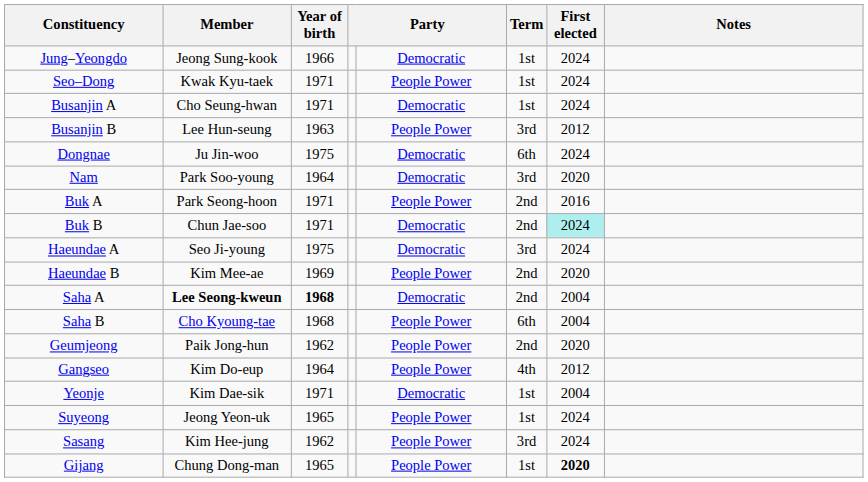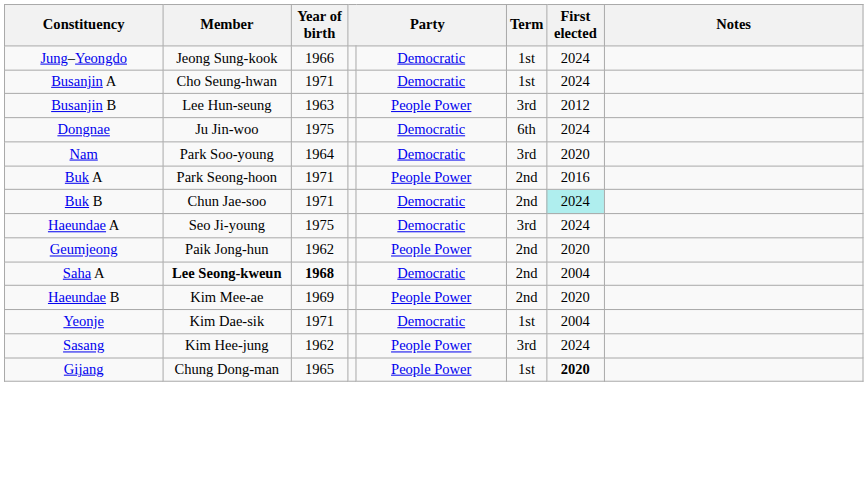 <table class="wikitable sortable" style="font-size:90%; text-align:center">
 <tr>
 <th scope="col" style="width:150px;">Constituency</th>
 <th scope="col" style="width:120px;">Member</th>
 <th scope="col" style="width:50px;">Year of birth</th>
 <th scope="col" style="width:150px;" colspan="2">Party</th>
 <th scope="col" style="width:20px;">Term</th>
 <th scope="col" style="width:50px;">First elected</th>
 <th scope="col" style="width:250px;" class="unsortable">Notes</th>
 </tr>
 <tr>
 <td><a href='#'>Jung</a>–<a href='#'>Yeongdo</a></td>
 <td>Jeong Sung-kook</td>
 <td>1966</td>
 <td scope="row" width="1" style="background-color:"></td>
 <td><a href='#'>Democratic</a></td>
-<td>1st</td>
-<td>2024</td>
-<td></td>
-</tr>
-<tr>
-<td><a href='#'>Seo–Dong</a></td>
-<td>Kwak Kyu-taek</td>
-<td>1971</td>
-<td scope="row" style="background-color:"></td>
-<td><a href='#'>People Power</a></td>
 <td>1st</td>
 <td>2024</td>
 <td></td>
 </tr>
 <tr>
 <td><a href='#'>Busanjin</a> A</td>
 <td>Cho Seung-hwan</td>
 <td>1971</td>
 <td scope="row" style="background-color:"></td>
 <td><a href='#'>Democratic</a></td>
 <td>1st</td>
 <td>2024</td>
 <td></td>
 </tr>
 <tr>
 <td><a href='#'>Busanjin</a> B</td>
 <td>Lee Hun-seung</td>
 <td>1963</td>
 <td scope="row" style="background-color:"></td>
 <td><a href='#'>People Power</a></td>
 <td>3rd</td>
 <td>2012</td>
 <td></td>
 </tr>
 <tr>
 <td><a href='#'>Dongnae</a></td>
 <td>Ju Jin-woo</td>
 <td>1975</td>
 <td scope="row" style="background-color:"></td>
 <td><a href='#'>Democratic</a></td>
 <td>6th</td>
 <td>2024</td>
 <td></td>
 </tr>
 <tr>
 <td><a href='#'>Nam</a></td>
 <td>Park Soo-young</td>
 <td>1964</td>
 <td scope="row" style="background-color:"></td>
 <td><a href='#'>Democratic</a></td>
 <td>3rd</td>
 <td>2020</td>
 <td></td>
 </tr>
 <tr>
 <td><a href='#'>Buk</a> A</td>
 <td>Park Seong-hoon</td>
 <td>1971</td>
 <td scope="row" style="background-color:"></td>
 <td><a href='#'>People Power</a></td>
 <td>2nd</td>
 <td>2016</td>
 <td></td>
 </tr>
 <tr>
 <td><a href='#'>Buk</a>  B</td>
 <td>Chun Jae-soo</td>
 <td>1971</td>
 <td scope="row" style="background-color:"></td>
 <td><a href='#'>Democratic</a></td>
 <td>2nd</td>
 <td style="background: paleturquoise;">2024</td>
 <td></td>
 </tr>
 <tr>
 <td><a href='#'>Haeundae</a> A</td>
 <td>Seo Ji-young</td>
 <td>1975</td>
 <td scope="row" style="background-color:"></td>
 <td><a href='#'>Democratic</a></td>
 <td>3rd</td>
 <td>2024</td>
 <td></td>
 </tr>
 <tr>
-<td><a href='#'>Haeundae</a> B</td>
-<td>Kim Mee-ae</td>
-<td>1969</td>
+<td><a href='#'>Geumjeong</a></td>
+<td>Paik Jong-hun</td>
+<td>1962</td>
 <td scope="row" style="background-color:"></td>
 <td><a href='#'>People Power</a></td>
 <td>2nd</td>
 <td>2020</td>
 <td></td>
 </tr>
 <tr>
 <td><a href='#'>Saha</a> A</td>
 <td><strong>Lee Seong-kweun</strong></td>
 <td><strong>1968</strong></td>
 <td scope="row" style="background-color:"></td>
 <td><a href='#'>Democratic</a></td>
 <td>2nd</td>
 <td>2004</td>
 <td></td>
 </tr>
 <tr>
-<td><a href='#'>Saha</a> B</td>
-<td><a href='#'>Cho Kyoung-tae</a></td>
-<td>1968</td>
-<td scope="row" style="background-color:"></td>
-<td><a href='#'>People Power</a></td>
-<td>6th</td>
-<td>2004</td>
-<td></td>
-</tr>
-<tr>
-<td><a href='#'>Geumjeong</a></td>
-<td>Paik Jong-hun</td>
-<td>1962</td>
+<td><a href='#'>Haeundae</a> B</td>
+<td>Kim Mee-ae</td>
+<td>1969</td>
 <td scope="row" style="background-color:"></td>
 <td><a href='#'>People Power</a></td>
 <td>2nd</td>
 <td>2020</td>
-<td></td>
-</tr>
-<tr>
-<td><a href='#'>Gangseo</a></td>
-<td>Kim Do-eup</td>
-<td>1964</td>
-<td scope="row" style="background-color:"></td>
-<td><a href='#'>People Power</a></td>
-<td>4th</td>
-<td>2012</td>
 <td></td>
 </tr>
 <tr>
 <td><a href='#'>Yeonje</a></td>
 <td>Kim Dae-sik</td>
 <td>1971</td>
 <td scope="row" style="background-color:"></td>
 <td><a href='#'>Democratic</a></td>
 <td>1st</td>
 <td>2004</td>
-<td></td>
-</tr>
-<tr>
-<td><a href='#'>Suyeong</a></td>
-<td>Jeong Yeon-uk</td>
-<td>1965</td>
-<td scope="row" style="background-color:"></td>
-<td><a href='#'>People Power</a></td>
-<td>1st</td>
-<td>2024</td>
 <td></td>
 </tr>
 <tr>
 <td><a href='#'>Sasang</a></td>
 <td>Kim Hee-jung</td>
 <td>1962</td>
 <td scope="row" style="background-color:"></td>
 <td><a href='#'>People Power</a></td>
 <td>3rd</td>
 <td>2024</td>
 <td></td>
 </tr>
 <tr>
 <td><a href='#'>Gijang</a></td>
 <td>Chung Dong-man</td>
 <td>1965</td>
 <td scope="row" style="background-color:"></td>
 <td><a href='#'>People Power</a></td>
 <td>1st</td>
 <td><strong>2020</strong></td>
 <td></td>
 </tr>
 </table>
